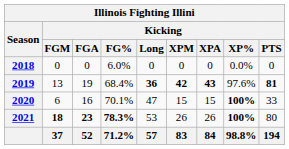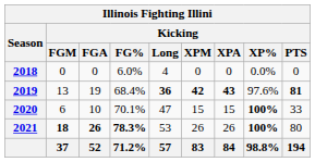 <table class="wikitable" style="text-align:center;">
 <tr>
 <th colspan="9">Illinois Fighting Illini</th>
 </tr>
 <tr>
 <th rowspan="2">Season</th>
 <th colspan="8">Kicking</th>
 </tr>
 <tr>
 <th>FGM</th>
 <th>FGA</th>
 <th>FG%</th>
 <th>Long</th>
 <th>XPM</th>
 <th>XPA</th>
 <th>XP%</th>
 <th>PTS</th>
 </tr>
 <tr>
 <th><a href='#'>2018</a></th>
 <td>0</td>
 <td>0</td>
 <td>6.0%</td>
-<td>0</td>
+<td>4</td>
 <td>0</td>
 <td>0</td>
 <td>0.0%</td>
 <td>0</td>
 </tr>
 <tr>
 <th><a href='#'>2019</a></th>
 <td>13</td>
 <td>19</td>
 <td>68.4%</td>
 <td><strong>36</strong></td>
 <td><strong>42</strong></td>
 <td><strong>43</strong></td>
 <td>97.6%</td>
 <td><strong>81</strong></td>
 </tr>
 <tr>
 <th><a href='#'>2020</a></th>
 <td>6</td>
-<td>16</td>
+<td>10</td>
 <td>70.1%</td>
 <td>47</td>
 <td>15</td>
 <td>15</td>
 <td><strong>100%</strong></td>
 <td>33</td>
 </tr>
 <tr>
 <th><a href='#'>2021</a></th>
 <td><strong>18</strong></td>
-<td><strong>23</strong></td>
+<td><strong>26</strong></td>
 <td><strong>78.3%</strong></td>
 <td>53</td>
 <td>26</td>
 <td>26</td>
 <td><strong>100%</strong></td>
 <td>80</td>
 </tr>
 <tr>
 <th></th>
 <th>37</th>
 <th>52</th>
 <th>71.2%</th>
 <th>57</th>
 <th>83</th>
 <th>84</th>
 <th>98.8%</th>
 <th>194</th>
 </tr>
 </table>
